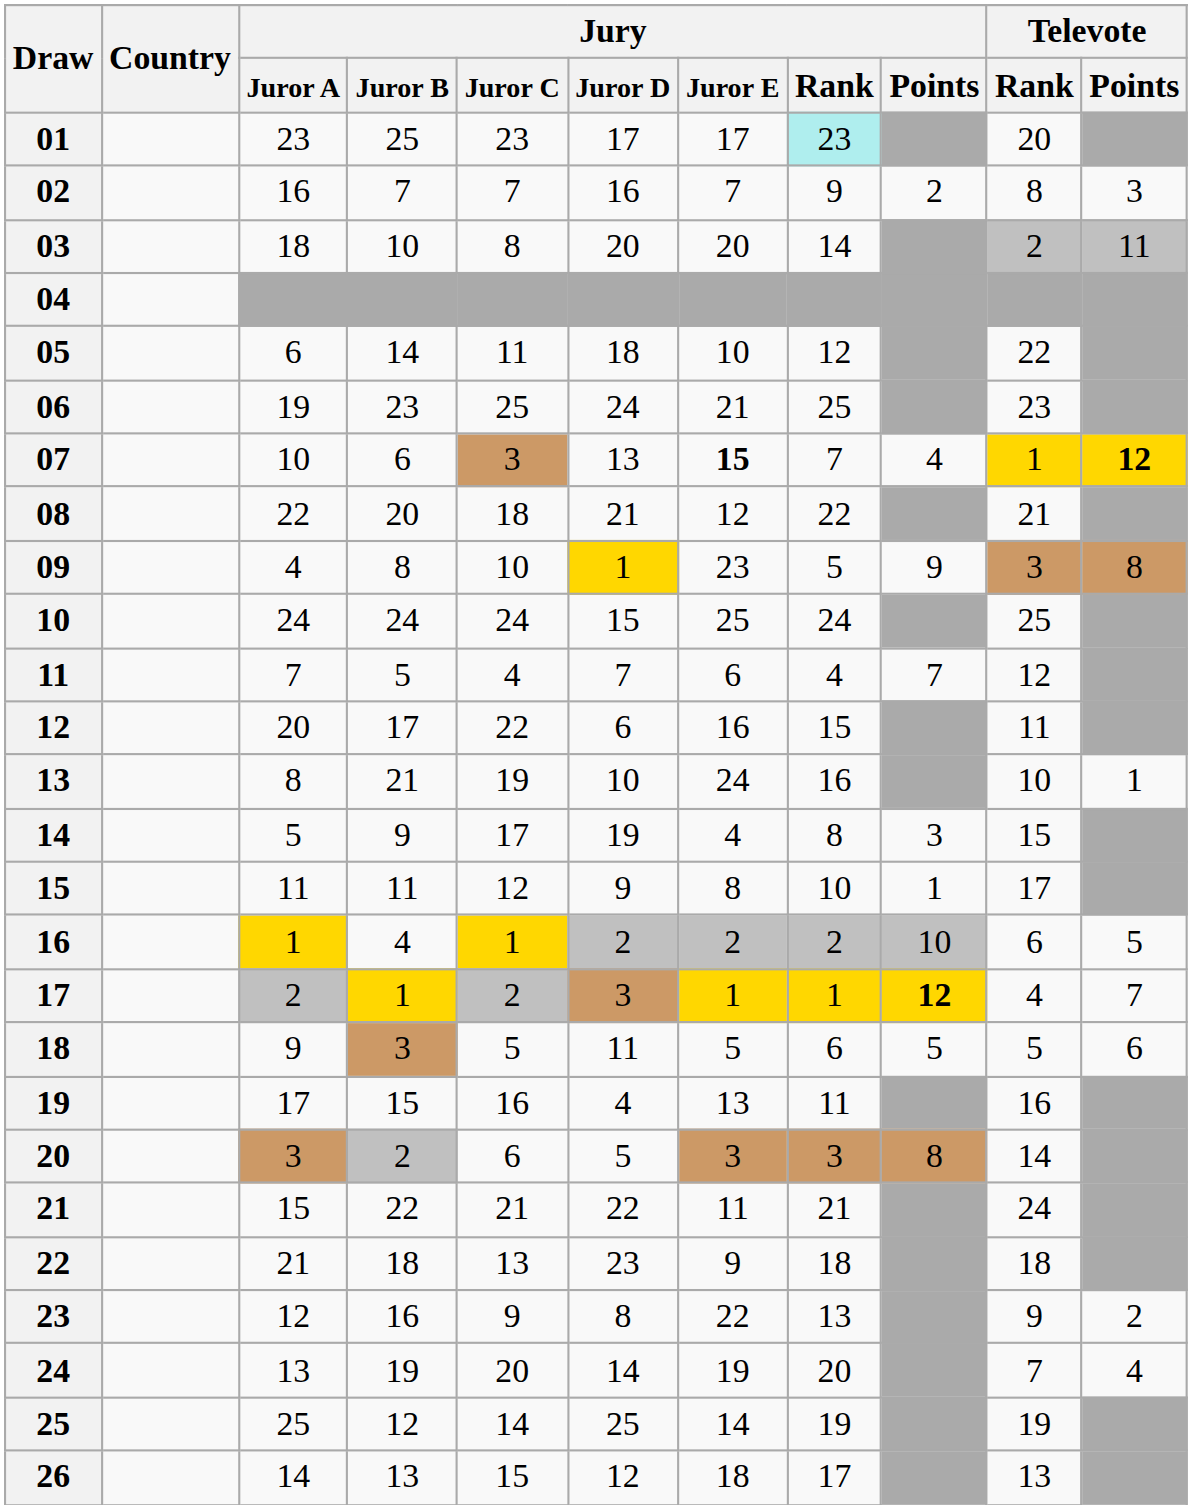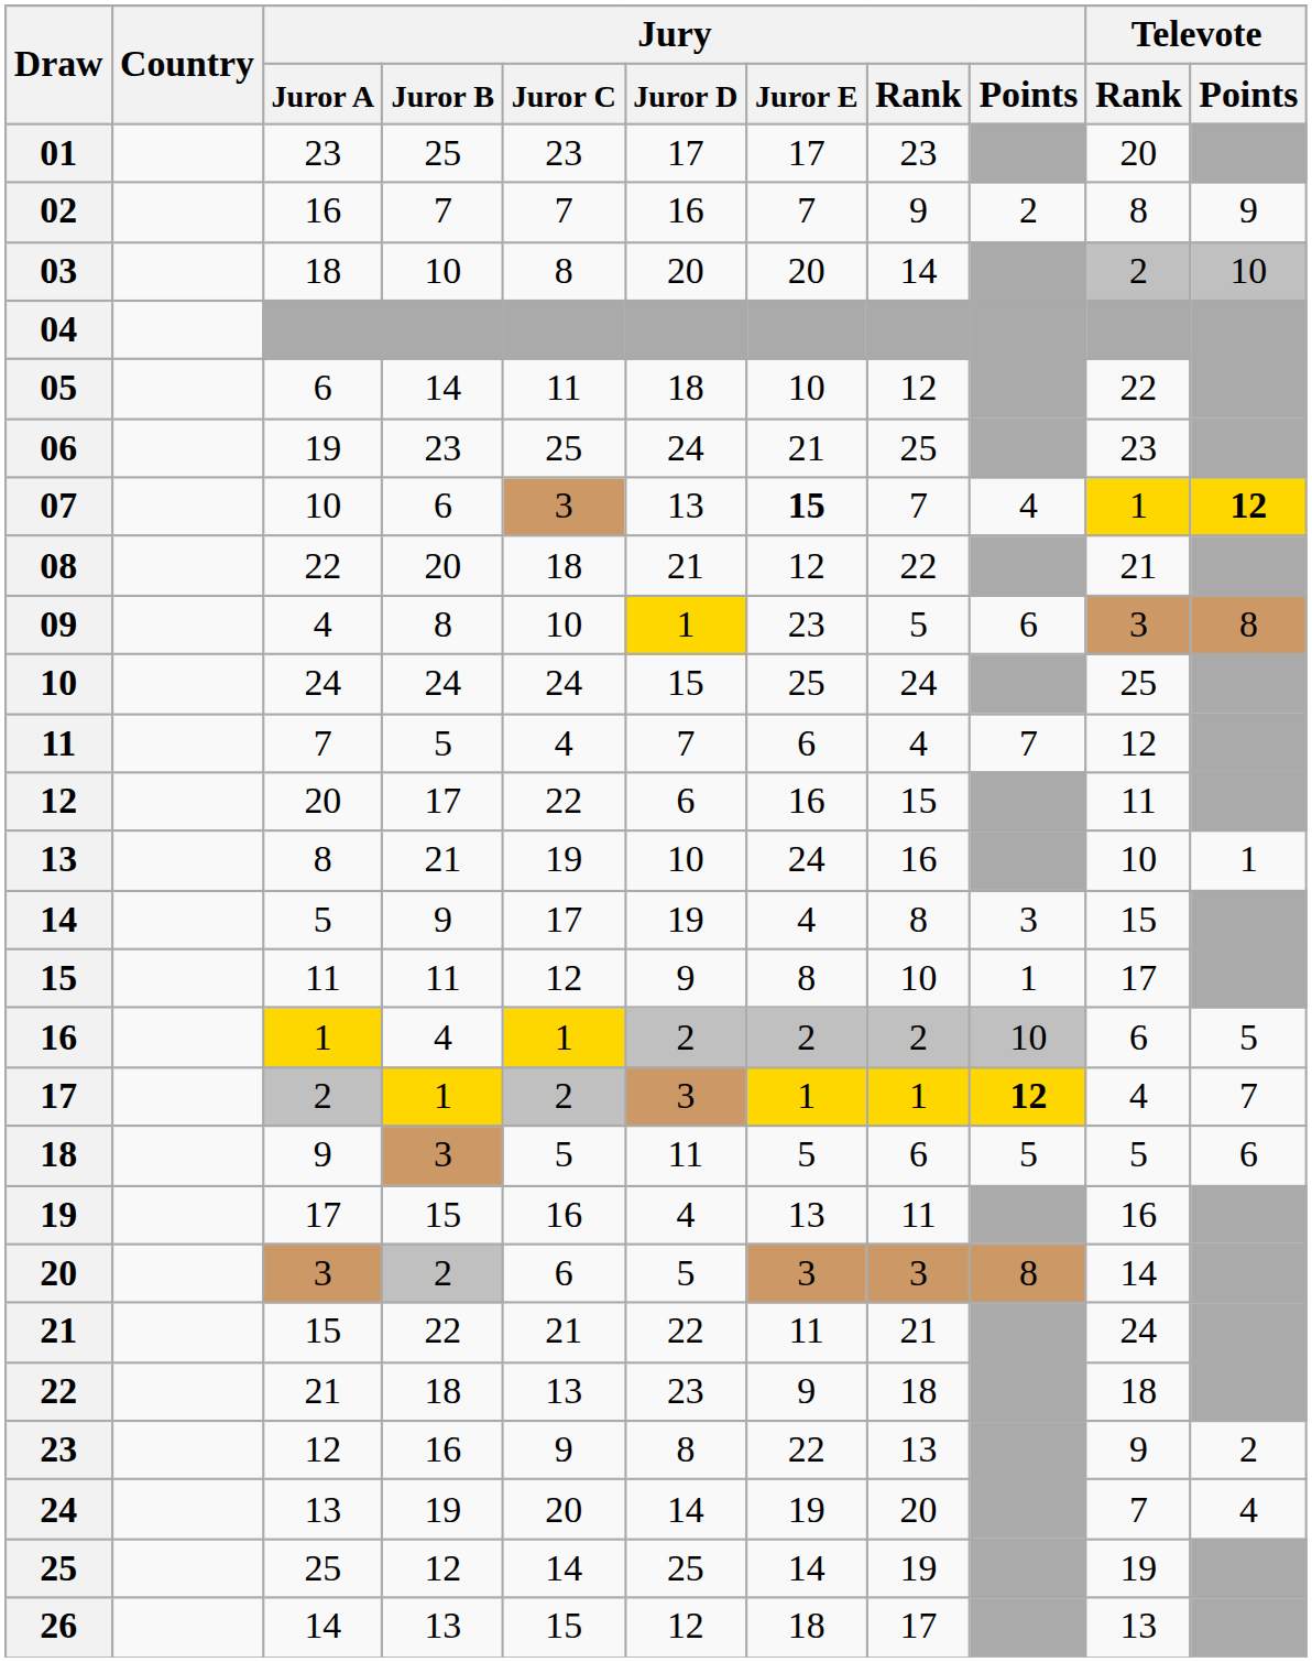 <table class="sortable wikitable collapsible plainrowheaders" style="text-align:center;">
 <tr>
 </tr>
 <tr>
 <th scope="col" rowspan="2">Draw</th>
 <th scope="col" rowspan="2">Country</th>
 <th scope="col" colspan="7">Jury</th>
 <th scope="col" colspan="2">Televote</th>
 </tr>
 <tr>
 <th scope="col"><small>Juror A</small></th>
 <th scope="col"><small>Juror B</small></th>
 <th scope="col"><small>Juror C</small></th>
 <th scope="col"><small>Juror D</small></th>
 <th scope="col"><small>Juror E</small></th>
 <th scope="col">Rank</th>
 <th scope="col" class="unsortable">Points</th>
 <th scope="col">Rank</th>
 <th scope="col" class="unsortable">Points</th>
 </tr>
 <tr>
 <th scope="row" style="text-align:center;">01</th>
 <td style="text-align:left;"></td>
 <td>23</td>
 <td>25</td>
 <td>23</td>
 <td>17</td>
 <td>17</td>
-<td style="background: paleturquoise;">23</td>
+<td>23</td>
 <td style="background:#AAAAAA;"></td>
 <td>20</td>
 <td style="background:#AAAAAA;"></td>
 </tr>
 <tr>
 <th scope="row" style="text-align:center;">02</th>
 <td style="text-align:left;"></td>
 <td>16</td>
 <td>7</td>
 <td>7</td>
 <td>16</td>
 <td>7</td>
 <td>9</td>
 <td>2</td>
 <td>8</td>
-<td>3</td>
+<td>9</td>
 </tr>
 <tr>
 <th scope="row" style="text-align:center;">03</th>
 <td style="text-align:left;"></td>
 <td>18</td>
 <td>10</td>
 <td>8</td>
 <td>20</td>
 <td>20</td>
 <td>14</td>
 <td style="background:#AAAAAA;"></td>
 <td style="background:silver;">2</td>
-<td style="background:silver;">11</td>
+<td style="background:silver;">10</td>
 </tr>
 <tr class=sortbottom>
 <th scope="row" style="text-align:center;">04</th>
 <td style="text-align:left;"></td>
 <td style="background:#AAAAAA;"></td>
 <td style="background:#AAAAAA;"></td>
 <td style="background:#AAAAAA;"></td>
 <td style="background:#AAAAAA;"></td>
 <td style="background:#AAAAAA;"></td>
 <td style="background:#AAAAAA;"></td>
 <td style="background:#AAAAAA;"></td>
 <td style="background:#AAAAAA;"></td>
 <td style="background:#AAAAAA;"></td>
 </tr>
 <tr>
 <th scope="row" style="text-align:center;">05</th>
 <td style="text-align:left;"></td>
 <td>6</td>
 <td>14</td>
 <td>11</td>
 <td>18</td>
 <td>10</td>
 <td>12</td>
 <td style="background:#AAAAAA;"></td>
 <td>22</td>
 <td style="background:#AAAAAA;"></td>
 </tr>
 <tr>
 <th scope="row" style="text-align:center;">06</th>
 <td style="text-align:left;"></td>
 <td>19</td>
 <td>23</td>
 <td>25</td>
 <td>24</td>
 <td>21</td>
 <td>25</td>
 <td style="background:#AAAAAA;"></td>
 <td>23</td>
 <td style="background:#AAAAAA;"></td>
 </tr>
 <tr>
 <th scope="row" style="text-align:center;">07</th>
 <td style="text-align:left;"></td>
 <td>10</td>
 <td>6</td>
 <td style="background:#CC9966;">3</td>
 <td>13</td>
 <td><strong>15</strong></td>
 <td>7</td>
 <td>4</td>
 <td style="background:gold;">1</td>
 <td style="background:gold;"><strong>12</strong></td>
 </tr>
 <tr>
 <th scope="row" style="text-align:center;">08</th>
 <td style="text-align:left;"></td>
 <td>22</td>
 <td>20</td>
 <td>18</td>
 <td>21</td>
 <td>12</td>
 <td>22</td>
 <td style="background:#AAAAAA;"></td>
 <td>21</td>
 <td style="background:#AAAAAA;"></td>
 </tr>
 <tr>
 <th scope="row" style="text-align:center;">09</th>
 <td style="text-align:left;"></td>
 <td>4</td>
 <td>8</td>
 <td>10</td>
 <td style="background:gold;">1</td>
 <td>23</td>
 <td>5</td>
-<td>9</td>
+<td>6</td>
 <td style="background:#CC9966;">3</td>
 <td style="background:#CC9966;">8</td>
 </tr>
 <tr>
 <th scope="row" style="text-align:center;">10</th>
 <td style="text-align:left;"></td>
 <td>24</td>
 <td>24</td>
 <td>24</td>
 <td>15</td>
 <td>25</td>
 <td>24</td>
 <td style="background:#AAAAAA;"></td>
 <td>25</td>
 <td style="background:#AAAAAA;"></td>
 </tr>
 <tr>
 <th scope="row" style="text-align:center;">11</th>
 <td style="text-align:left;"></td>
 <td>7</td>
 <td>5</td>
 <td>4</td>
 <td>7</td>
 <td>6</td>
 <td>4</td>
 <td>7</td>
 <td>12</td>
 <td style="background:#AAAAAA;"></td>
 </tr>
 <tr>
 <th scope="row" style="text-align:center;">12</th>
 <td style="text-align:left;"></td>
 <td>20</td>
 <td>17</td>
 <td>22</td>
 <td>6</td>
 <td>16</td>
 <td>15</td>
 <td style="background:#AAAAAA;"></td>
 <td>11</td>
 <td style="background:#AAAAAA;"></td>
 </tr>
 <tr>
 <th scope="row" style="text-align:center;">13</th>
 <td style="text-align:left;"></td>
 <td>8</td>
 <td>21</td>
 <td>19</td>
 <td>10</td>
 <td>24</td>
 <td>16</td>
 <td style="background:#AAAAAA;"></td>
 <td>10</td>
 <td>1</td>
 </tr>
 <tr>
 <th scope="row" style="text-align:center;">14</th>
 <td style="text-align:left;"></td>
 <td>5</td>
 <td>9</td>
 <td>17</td>
 <td>19</td>
 <td>4</td>
 <td>8</td>
 <td>3</td>
 <td>15</td>
 <td style="background:#AAAAAA;"></td>
 </tr>
 <tr>
 <th scope="row" style="text-align:center;">15</th>
 <td style="text-align:left;"></td>
 <td>11</td>
 <td>11</td>
 <td>12</td>
 <td>9</td>
 <td>8</td>
 <td>10</td>
 <td>1</td>
 <td>17</td>
 <td style="background:#AAAAAA;"></td>
 </tr>
 <tr>
 <th scope="row" style="text-align:center;">16</th>
 <td style="text-align:left;"></td>
 <td style="background:gold;">1</td>
 <td>4</td>
 <td style="background:gold;">1</td>
 <td style="background:silver;">2</td>
 <td style="background:silver;">2</td>
 <td style="background:silver;">2</td>
 <td style="background:silver;">10</td>
 <td>6</td>
 <td>5</td>
 </tr>
 <tr>
 <th scope="row" style="text-align:center;">17</th>
 <td style="text-align:left;"></td>
 <td style="background:silver;">2</td>
 <td style="background:gold;">1</td>
 <td style="background:silver;">2</td>
 <td style="background:#CC9966;">3</td>
 <td style="background:gold;">1</td>
 <td style="background:gold;">1</td>
 <td style="background:gold;"><strong>12</strong></td>
 <td>4</td>
 <td>7</td>
 </tr>
 <tr>
 <th scope="row" style="text-align:center;">18</th>
 <td style="text-align:left;"></td>
 <td>9</td>
 <td style="background:#CC9966;">3</td>
 <td>5</td>
 <td>11</td>
 <td>5</td>
 <td>6</td>
 <td>5</td>
 <td>5</td>
 <td>6</td>
 </tr>
 <tr>
 <th scope="row" style="text-align:center;">19</th>
 <td style="text-align:left;"></td>
 <td>17</td>
 <td>15</td>
 <td>16</td>
 <td>4</td>
 <td>13</td>
 <td>11</td>
 <td style="background:#AAAAAA;"></td>
 <td>16</td>
 <td style="background:#AAAAAA;"></td>
 </tr>
 <tr>
 <th scope="row" style="text-align:center;">20</th>
 <td style="text-align:left;"></td>
 <td style="background:#CC9966;">3</td>
 <td style="background:silver;">2</td>
 <td>6</td>
 <td>5</td>
 <td style="background:#CC9966;">3</td>
 <td style="background:#CC9966;">3</td>
 <td style="background:#CC9966;">8</td>
 <td>14</td>
 <td style="background:#AAAAAA;"></td>
 </tr>
 <tr>
 <th scope="row" style="text-align:center;">21</th>
 <td style="text-align:left;"></td>
 <td>15</td>
 <td>22</td>
 <td>21</td>
 <td>22</td>
 <td>11</td>
 <td>21</td>
 <td style="background:#AAAAAA;"></td>
 <td>24</td>
 <td style="background:#AAAAAA;"></td>
 </tr>
 <tr>
 <th scope="row" style="text-align:center;">22</th>
 <td style="text-align:left;"></td>
 <td>21</td>
 <td>18</td>
 <td>13</td>
 <td>23</td>
 <td>9</td>
 <td>18</td>
 <td style="background:#AAAAAA;"></td>
 <td>18</td>
 <td style="background:#AAAAAA;"></td>
 </tr>
 <tr>
 <th scope="row" style="text-align:center;">23</th>
 <td style="text-align:left;"></td>
 <td>12</td>
 <td>16</td>
 <td>9</td>
 <td>8</td>
 <td>22</td>
 <td>13</td>
 <td style="background:#AAAAAA;"></td>
 <td>9</td>
 <td>2</td>
 </tr>
 <tr>
 <th scope="row" style="text-align:center;">24</th>
 <td style="text-align:left;"></td>
 <td>13</td>
 <td>19</td>
 <td>20</td>
 <td>14</td>
 <td>19</td>
 <td>20</td>
 <td style="background:#AAAAAA;"></td>
 <td>7</td>
 <td>4</td>
 </tr>
 <tr>
 <th scope="row" style="text-align:center;">25</th>
 <td style="text-align:left;"></td>
 <td>25</td>
 <td>12</td>
 <td>14</td>
 <td>25</td>
 <td>14</td>
 <td>19</td>
 <td style="background:#AAAAAA;"></td>
 <td>19</td>
 <td style="background:#AAAAAA;"></td>
 </tr>
 <tr>
 <th scope="row" style="text-align:center;">26</th>
 <td style="text-align:left;"></td>
 <td>14</td>
 <td>13</td>
 <td>15</td>
 <td>12</td>
 <td>18</td>
 <td>17</td>
 <td style="background:#AAAAAA;"></td>
 <td>13</td>
 <td style="background:#AAAAAA;"></td>
 </tr>
 </table>
